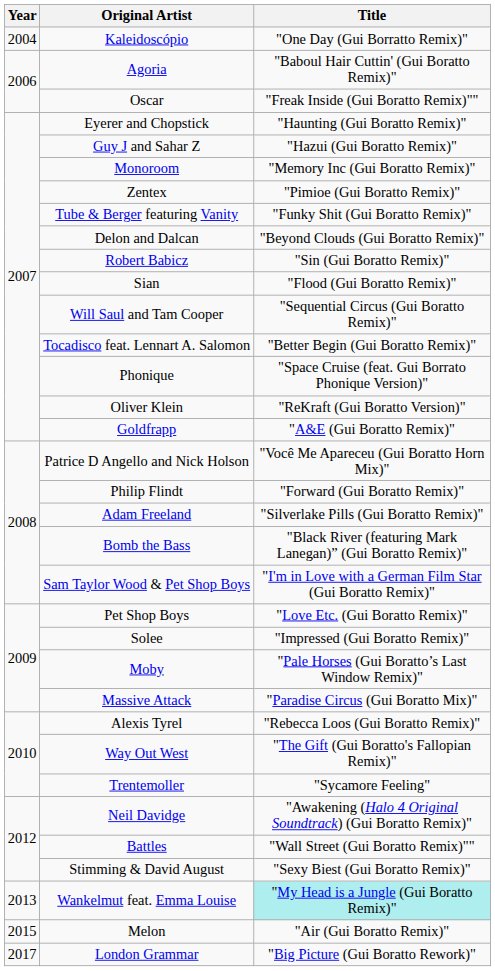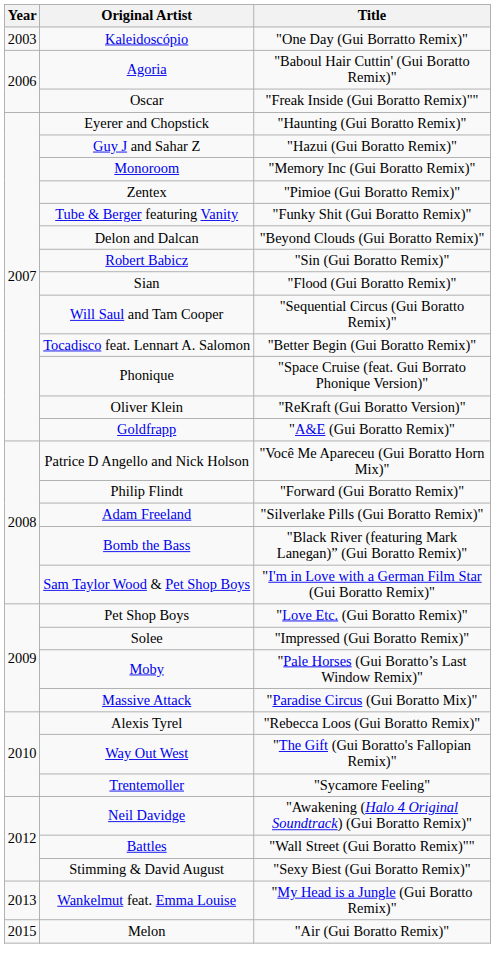 <table class="wikitable plainrowheaders" style="text-align: center;" border="1">
 <tr>
 <th><strong>Year</strong></th>
 <th><strong>Original Artist</strong></th>
 <th style="width:16em;"><strong>Title</strong></th>
 </tr>
 <tr>
-<td>2004</td>
+<td>2003</td>
 <td><a href='#'>Kaleidoscópio</a></td>
 <td>"One Day (Gui Borratto Remix)"</td>
 </tr>
 <tr>
 <td rowspan="2">2006</td>
 <td><a href='#'>Agoria</a></td>
 <td>"Baboul Hair Cuttin' (Gui Boratto Remix)"</td>
 </tr>
 <tr>
 <td>Oscar</td>
 <td>"Freak Inside (Gui Boratto Remix)""</td>
 </tr>
 <tr>
 <td rowspan="13">2007</td>
 <td>Eyerer and Chopstick</td>
 <td>"Haunting (Gui Boratto Remix)"</td>
 </tr>
 <tr>
 <td><a href='#'>Guy J</a> and Sahar Z</td>
 <td>"Hazui (Gui Boratto Remix)"</td>
 </tr>
 <tr>
 <td><a href='#'>Monoroom</a></td>
 <td>"Memory Inc (Gui Boratto Remix)"</td>
 </tr>
 <tr>
 <td>Zentex</td>
 <td>"Pimioe (Gui Boratto Remix)"</td>
 </tr>
 <tr>
 <td><a href='#'>Tube & Berger</a> featuring <a href='#'>Vanity</a></td>
 <td>"Funky Shit (Gui Boratto Remix)"</td>
 </tr>
 <tr>
 <td>Delon and Dalcan</td>
 <td>"Beyond Clouds (Gui Boratto Remix)"</td>
 </tr>
 <tr>
 <td><a href='#'>Robert Babicz</a></td>
 <td>"Sin (Gui Boratto Remix)"</td>
 </tr>
 <tr>
 <td>Sian</td>
 <td>"Flood (Gui Boratto Remix)"</td>
 </tr>
 <tr>
 <td><a href='#'>Will Saul</a> and Tam Cooper</td>
 <td>"Sequential Circus (Gui Boratto Remix)"</td>
 </tr>
 <tr>
 <td><a href='#'>Tocadisco</a> feat. Lennart A. Salomon</td>
 <td>"Better Begin (Gui Boratto Remix)"</td>
 </tr>
 <tr>
 <td>Phonique</td>
 <td>"Space Cruise (feat. Gui Borrato Phonique Version)"</td>
 </tr>
 <tr>
 <td>Oliver Klein</td>
 <td>"ReKraft (Gui Boratto Version)"</td>
 </tr>
 <tr>
 <td><a href='#'>Goldfrapp</a></td>
 <td>"<a href='#'>A&E</a> (Gui Boratto Remix)"</td>
 </tr>
 <tr>
 <td rowspan="5">2008</td>
 <td>Patrice D Angello and Nick Holson</td>
 <td>"Você Me Apareceu (Gui Boratto Horn Mix)"</td>
 </tr>
 <tr>
 <td>Philip Flindt</td>
 <td>"Forward (Gui Boratto Remix)"</td>
 </tr>
 <tr>
 <td><a href='#'>Adam Freeland</a></td>
 <td>"Silverlake Pills (Gui Boratto Remix)"</td>
 </tr>
 <tr>
 <td><a href='#'>Bomb the Bass</a></td>
 <td>"Black River (featuring Mark Lanegan)” (Gui Boratto Remix)"</td>
 </tr>
 <tr>
 <td><a href='#'>Sam Taylor Wood</a> & <a href='#'>Pet Shop Boys</a></td>
 <td>"<a href='#'>I'm in Love with a German Film Star</a> (Gui Boratto Remix)"</td>
 </tr>
 <tr>
 <td rowspan="4">2009</td>
 <td>Pet Shop Boys</td>
 <td>"<a href='#'>Love Etc.</a> (Gui Boratto Remix)"</td>
 </tr>
 <tr>
 <td>Solee</td>
 <td>"Impressed (Gui Boratto Remix)"</td>
 </tr>
 <tr>
 <td><a href='#'>Moby</a></td>
 <td>"<a href='#'>Pale Horses</a> (Gui Boratto’s Last Window Remix)"</td>
 </tr>
 <tr>
 <td><a href='#'>Massive Attack</a></td>
 <td>"<a href='#'>Paradise Circus</a> (Gui Boratto Mix)"</td>
 </tr>
 <tr>
 <td rowspan="3”">2010</td>
 <td>Alexis Tyrel</td>
 <td>"Rebecca Loos (Gui Boratto Remix)"</td>
 </tr>
 <tr>
 <td><a href='#'>Way Out West</a></td>
 <td>"<a href='#'>The Gift</a> (Gui Boratto's Fallopian Remix)"</td>
 </tr>
 <tr>
 <td><a href='#'>Trentemoller</a></td>
 <td>"Sycamore Feeling"</td>
 </tr>
 <tr>
 <td rowspan="3">2012</td>
 <td><a href='#'>Neil Davidge</a></td>
 <td>"Awakening (<em><a href='#'>Halo 4 Original Soundtrack</a></em>) (Gui Boratto Remix)"</td>
 </tr>
 <tr>
 <td><a href='#'>Battles</a></td>
 <td>"Wall Street (Gui Boratto Remix)""</td>
 </tr>
 <tr>
 <td>Stimming & David August</td>
 <td>"Sexy Biest (Gui Boratto Remix)"</td>
 </tr>
 <tr>
 <td>2013</td>
 <td><a href='#'>Wankelmut</a> feat. <a href='#'>Emma Louise</a></td>
-<td style="background: paleturquoise;">"<a href='#'>My Head is a Jungle</a> (Gui Boratto Remix)"</td>
+<td>"<a href='#'>My Head is a Jungle</a> (Gui Boratto Remix)"</td>
 </tr>
 <tr>
 <td>2015</td>
 <td>Melon</td>
 <td>"Air (Gui Boratto Remix)"</td>
 </tr>
-<tr>
-<td>2017</td>
-<td><a href='#'>London Grammar</a></td>
-<td>"<a href='#'>Big Picture</a> (Gui Boratto Rework)"</td>
-</tr>
 </table>
